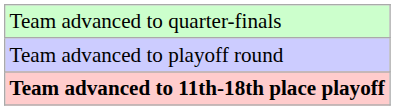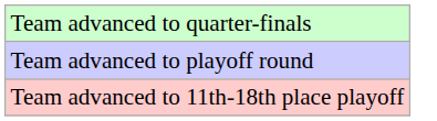 <table class="wikitable">
 <tr>
 <td style="background:#cfc;">Team advanced to quarter-finals</td>
 </tr>
 <tr>
 <td style="background:#ccf;">Team advanced to playoff round</td>
 </tr>
 <tr>
-<td style="background:#fcc;"><strong>Team advanced to 11th-18th place playoff</strong></td>
+<td style="background:#fcc;">Team advanced to 11th-18th place playoff</td>
 </tr>
 </table>
